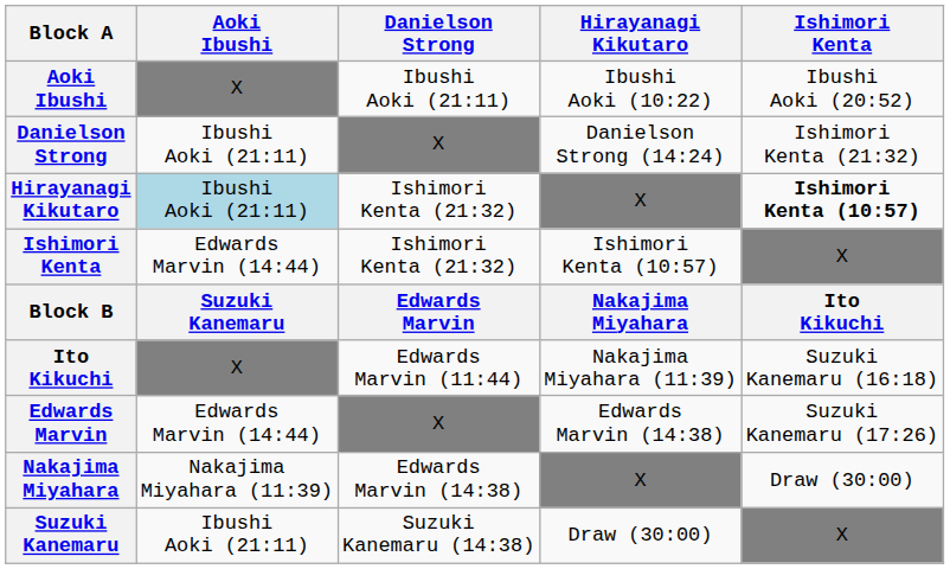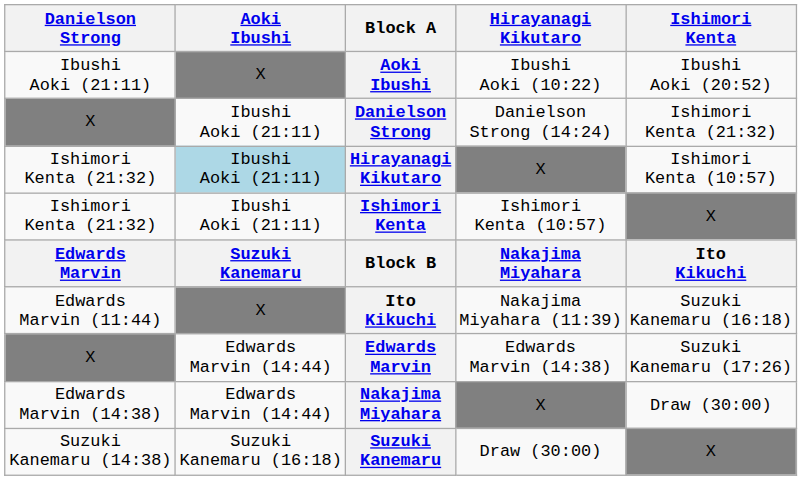 <table class="wikitable" style="margin: 1em auto 1em auto">
 <tr align="center">
+<th><a href='#'>Danielson</a><br><a href='#'>Strong</a></th>
+<th><a href='#'>Aoki</a><br><a href='#'>Ibushi</a></th>
 <th>Block A</th>
-<th><a href='#'>Aoki</a><br><a href='#'>Ibushi</a></th>
-<th><a href='#'>Danielson</a><br><a href='#'>Strong</a></th>
 <th><a href='#'>Hirayanagi</a><br><a href='#'>Kikutaro</a></th>
 <th><a href='#'>Ishimori</a><br><a href='#'>Kenta</a></th>
 </tr>
 <tr align="center">
+<td>Ibushi<br>Aoki (21:11)</td>
+<td bgcolor=grey>X</td>
 <th><a href='#'>Aoki</a><br><a href='#'>Ibushi</a></th>
-<td bgcolor=grey>X</td>
-<td>Ibushi<br>Aoki (21:11)</td>
 <td>Ibushi<br>Aoki (10:22)</td>
 <td>Ibushi<br>Aoki (20:52)</td>
 </tr>
 <tr align="center">
+<td bgcolor=grey>X</td>
+<td>Ibushi<br>Aoki (21:11)</td>
 <th><a href='#'>Danielson</a><br><a href='#'>Strong</a></th>
-<td>Ibushi<br>Aoki (21:11)</td>
-<td bgcolor=grey>X</td>
 <td>Danielson<br>Strong (14:24)</td>
 <td>Ishimori<br>Kenta (21:32)</td>
 </tr>
 <tr align="center">
+<td>Ishimori<br>Kenta (21:32)</td>
+<td style="background: lightblue;">Ibushi<br>Aoki (21:11)</td>
 <th><a href='#'>Hirayanagi</a><br><a href='#'>Kikutaro</a></th>
-<td style="background: lightblue;">Ibushi<br>Aoki (21:11)</td>
-<td>Ishimori<br>Kenta (21:32)</td>
 <td bgcolor=grey>X</td>
-<td><strong>Ishimori<br>Kenta (10:57)</strong></td>
+<td>Ishimori<br>Kenta (10:57)</td>
 </tr>
 <tr align="center">
+<td>Ishimori<br>Kenta (21:32)</td>
+<td>Ibushi<br>Aoki (21:11)</td>
 <th><a href='#'>Ishimori</a><br><a href='#'>Kenta</a></th>
-<td>Edwards<br>Marvin (14:44)</td>
-<td>Ishimori<br>Kenta (21:32)</td>
 <td>Ishimori<br>Kenta (10:57)</td>
 <td bgcolor=grey>X</td>
 </tr>
 <tr align="center">
+<th><a href='#'>Edwards</a><br><a href='#'>Marvin</a></th>
+<th><a href='#'>Suzuki</a><br><a href='#'>Kanemaru</a></th>
 <th>Block B</th>
-<th><a href='#'>Suzuki</a><br><a href='#'>Kanemaru</a></th>
-<th><a href='#'>Edwards</a><br><a href='#'>Marvin</a></th>
 <th><a href='#'>Nakajima</a><br><a href='#'>Miyahara</a></th>
 <th Akihiko Ito>Ito<br><a href='#'>Kikuchi</a></th>
 </tr>
 <tr align="center">
+<td>Edwards<br>Marvin (11:44)</td>
+<td bgcolor=grey>X</td>
 <th Akihiko Ito>Ito<br><a href='#'>Kikuchi</a></th>
-<td bgcolor=grey>X</td>
-<td>Edwards<br>Marvin (11:44)</td>
 <td>Nakajima<br>Miyahara (11:39)</td>
 <td>Suzuki<br>Kanemaru (16:18)</td>
 </tr>
 <tr align="center">
+<td bgcolor=grey>X</td>
+<td>Edwards<br>Marvin (14:44)</td>
 <th><a href='#'>Edwards</a><br><a href='#'>Marvin</a></th>
-<td>Edwards<br>Marvin (14:44)</td>
-<td bgcolor=grey>X</td>
 <td>Edwards<br>Marvin (14:38)</td>
 <td>Suzuki<br>Kanemaru (17:26)</td>
 </tr>
 <tr align="center">
+<td>Edwards<br>Marvin (14:38)</td>
+<td>Edwards<br>Marvin (14:44)</td>
 <th><a href='#'>Nakajima</a><br><a href='#'>Miyahara</a></th>
-<td>Nakajima<br>Miyahara (11:39)</td>
-<td>Edwards<br>Marvin (14:38)</td>
 <td bgcolor=grey>X</td>
 <td>Draw (30:00)</td>
 </tr>
 <tr align="center">
+<td>Suzuki<br>Kanemaru (14:38)</td>
+<td>Suzuki<br>Kanemaru (16:18)</td>
 <th><a href='#'>Suzuki</a><br><a href='#'>Kanemaru</a></th>
-<td>Ibushi<br>Aoki (21:11)</td>
-<td>Suzuki<br>Kanemaru (14:38)</td>
 <td>Draw (30:00)</td>
 <td bgcolor=grey>X</td>
 </tr>
 </table>
